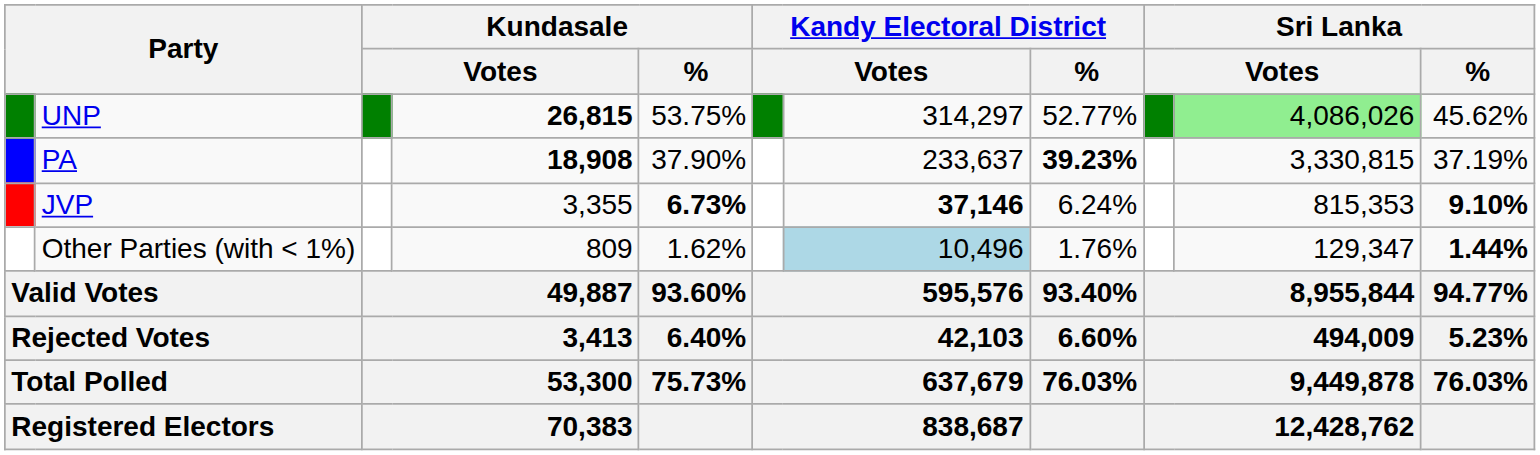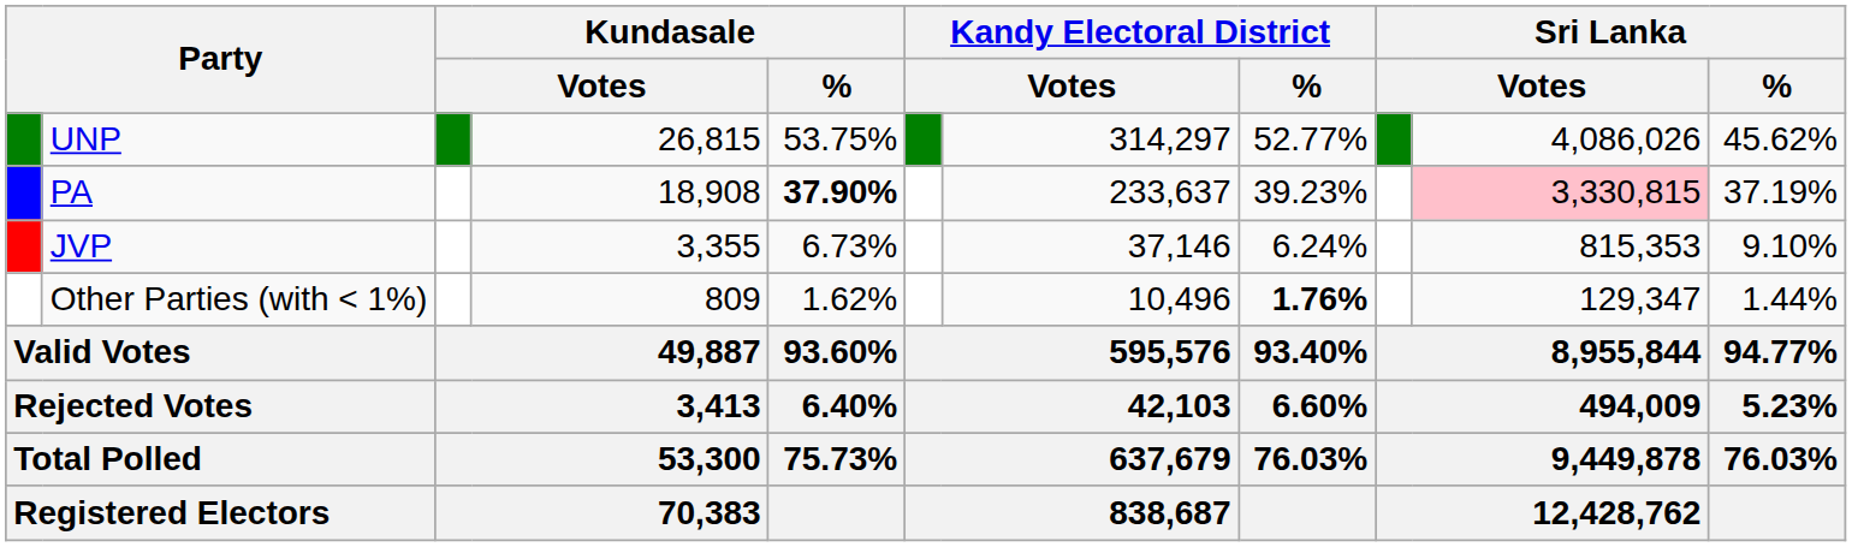 <table class="wikitable">
 <tr>
 <th colspan="2" width="144px"rowspan="2">Party</th>
 <th colspan="3" width="216px">Kundasale</th>
 <th colspan="3" width="216px"><a href='#'>Kandy Electoral District</a></th>
 <th colspan="3" width="216px">Sri Lanka</th>
 </tr>
 <tr>
 <th colspan="2" width="144px">Votes</th>
 <th>%</th>
 <th colspan="2" width="144px">Votes</th>
 <th>%</th>
 <th colspan="2" width="144px">Votes</th>
 <th>%</th>
 </tr>
 <tr>
 <td style="background-color:green;" width="10px"></td>
 <td style="text-align:left;"><a href='#'>UNP</a></td>
 <td style="background-color:green;" width="10px"></td>
-<td style="text-align:right;"><strong>26,815</strong></td>
+<td style="text-align:right;">26,815</td>
 <td style="text-align:right;">53.75%</td>
 <td style="background-color:green;" width="10px"></td>
 <td style="text-align:right;">314,297</td>
 <td style="text-align:right;">52.77%</td>
 <td style="background-color:green;" width="10px"></td>
-<td style="background: lightgreen; text-align:right;">4,086,026</td>
+<td style="text-align:right;">4,086,026</td>
 <td style="text-align:right;">45.62%</td>
 </tr>
 <tr>
 <td style="background-color:blue;" width="10px"></td>
 <td style="text-align:left;"><a href='#'>PA</a></td>
 <td style="background-color:white;" width="10px"></td>
-<td style="text-align:right;"><strong>18,908</strong></td>
-<td style="text-align:right;">37.90%</td>
+<td style="text-align:right;">18,908</td>
+<td style="text-align:right;"><strong>37.90%</strong></td>
 <td style="background-color:white;" width="10px"></td>
 <td style="text-align:right;">233,637</td>
-<td style="text-align:right;"><strong>39.23%</strong></td>
+<td style="text-align:right;">39.23%</td>
 <td style="background-color:white;" width="10px"></td>
-<td style="text-align:right;">3,330,815</td>
+<td style="background: pink; text-align:right;">3,330,815</td>
 <td style="text-align:right;">37.19%</td>
 </tr>
 <tr>
 <td style="background-color:red;" width="10px"></td>
 <td style="text-align:left;"><a href='#'>JVP</a></td>
 <td style="background-color:white;" width="10px"></td>
 <td style="text-align:right;">3,355</td>
-<td style="text-align:right;"><strong>6.73%</strong></td>
+<td style="text-align:right;">6.73%</td>
 <td style="background-color:white;" width="10px"></td>
-<td style="text-align:right;"><strong>37,146</strong></td>
+<td style="text-align:right;">37,146</td>
 <td style="text-align:right;">6.24%</td>
 <td style="background-color:white;" width="10px"></td>
 <td style="text-align:right;">815,353</td>
-<td style="text-align:right;"><strong>9.10%</strong></td>
+<td style="text-align:right;">9.10%</td>
 </tr>
 <tr>
 <td style="background-color:white;" width="10px"></td>
 <td style="text-align:left;">Other Parties (with < 1%)</td>
 <td style="background-color:white;" width="10px"></td>
 <td style="text-align:right;">809</td>
 <td style="text-align:right;">1.62%</td>
 <td style="background-color:white;" width="10px"></td>
-<td style="background: lightblue; text-align:right;">10,496</td>
-<td style="text-align:right;">1.76%</td>
+<td style="text-align:right;">10,496</td>
+<td style="text-align:right;"><strong>1.76%</strong></td>
 <td style="background-color:white;" width="10px"></td>
 <td style="text-align:right;">129,347</td>
-<td style="text-align:right;"><strong>1.44%</strong></td>
+<td style="text-align:right;">1.44%</td>
 </tr>
 <tr>
 <th colspan="2" width="144px"style="text-align:left;">Valid Votes</th>
 <th style="text-align:right;"colspan="2" width="144px">49,887</th>
 <th style="text-align:right;">93.60%</th>
 <th style="text-align:right;"colspan="2" width="144px">595,576</th>
 <th style="text-align:right;">93.40%</th>
 <th style="text-align:right;"colspan="2" width="144px">8,955,844</th>
 <th style="text-align:right;">94.77%</th>
 </tr>
 <tr>
 <th colspan="2" width="144px"style="text-align:left;">Rejected Votes</th>
 <th style="text-align:right;"colspan="2" width="144px">3,413</th>
 <th style="text-align:right;">6.40%</th>
 <th style="text-align:right;"colspan="2" width="144px">42,103</th>
 <th style="text-align:right;">6.60%</th>
 <th style="text-align:right;"colspan="2" width="144px">494,009</th>
 <th style="text-align:right;">5.23%</th>
 </tr>
 <tr>
 <th colspan="2" width="144px"style="text-align:left;">Total Polled</th>
 <th style="text-align:right;"colspan="2" width="144px">53,300</th>
 <th style="text-align:right;">75.73%</th>
 <th style="text-align:right;"colspan="2" width="144px">637,679</th>
 <th style="text-align:right;">76.03%</th>
 <th style="text-align:right;"colspan="2" width="144px">9,449,878</th>
 <th style="text-align:right;">76.03%</th>
 </tr>
 <tr>
 <th colspan="2" width="144px"style="text-align:left;">Registered Electors</th>
 <th style="text-align:right;"colspan="2" width="144px">70,383</th>
 <th></th>
 <th style="text-align:right;"colspan="2" width="144px">838,687</th>
 <th></th>
 <th style="text-align:right;"colspan="2" width="144px">12,428,762</th>
 <th></th>
 </tr>
 </table>
